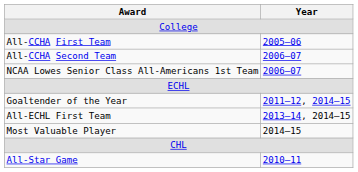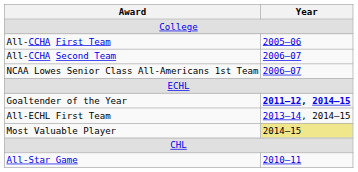 <table class="wikitable">
 <tr>
 <th>Award</th>
 <th>Year</th>
 </tr>
 <tr ALIGN="center" bgcolor="#e0e0e0">
 <td colspan="3"><a href='#'>College</a></td>
 </tr>
 <tr>
 <td>All-<a href='#'>CCHA</a> <a href='#'>First Team</a></td>
 <td><a href='#'>2005–06</a></td>
 </tr>
 <tr>
 <td>All-<a href='#'>CCHA</a> <a href='#'>Second Team</a></td>
 <td><a href='#'>2006–07</a></td>
 </tr>
 <tr>
 <td>NCAA Lowes Senior Class All-Americans 1st Team</td>
 <td><a href='#'>2006–07</a></td>
 </tr>
 <tr ALIGN="center" bgcolor="#e0e0e0">
 <td colspan="3"><a href='#'>ECHL</a></td>
 </tr>
 <tr>
 <td>Goaltender of the Year</td>
-<td><a href='#'>2011–12</a>, <a href='#'>2014–15</a></td>
+<td><strong><a href='#'>2011–12</a>, <a href='#'>2014–15</a></strong></td>
 </tr>
 <tr>
 <td>All-ECHL First Team</td>
 <td><a href='#'>2013–14</a>, 2014–15</td>
 </tr>
 <tr>
 <td>Most Valuable Player</td>
-<td>2014–15</td>
+<td style="background: khaki;">2014–15</td>
 </tr>
 <tr ALIGN="center" bgcolor="#e0e0e0">
 <td colspan="3"><a href='#'>CHL</a></td>
 </tr>
 <tr>
 <td><a href='#'>All-Star Game</a></td>
 <td><a href='#'>2010–11</a></td>
 </tr>
 </table>
